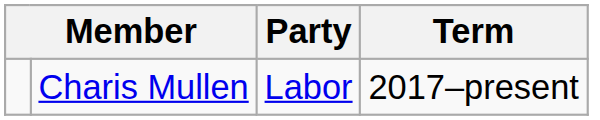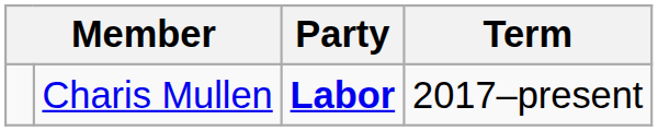 <table class="wikitable">
 <tr>
 <th colspan="2">Member</th>
 <th>Party</th>
 <th>Term</th>
 </tr>
 <tr>
 <td> </td>
 <td><a href='#'>Charis Mullen</a></td>
-<td><a href='#'>Labor</a></td>
+<td><strong><a href='#'>Labor</a></strong></td>
 <td>2017–present</td>
 </tr>
 </table>
